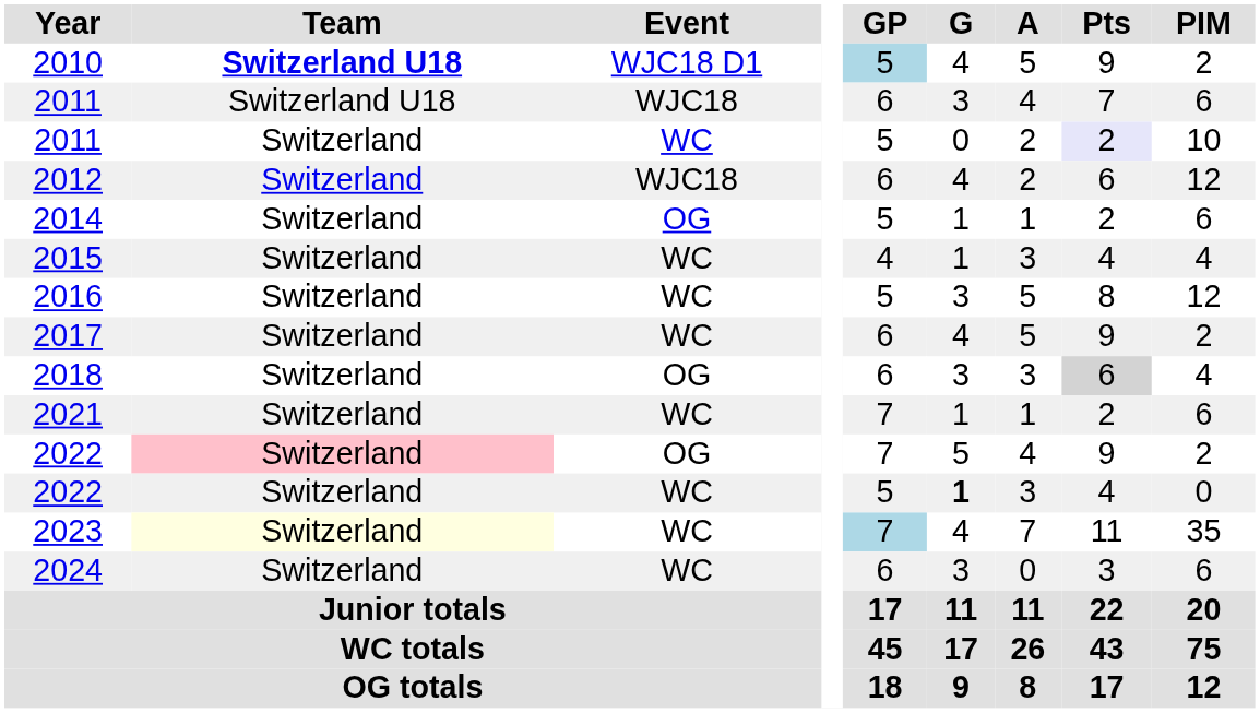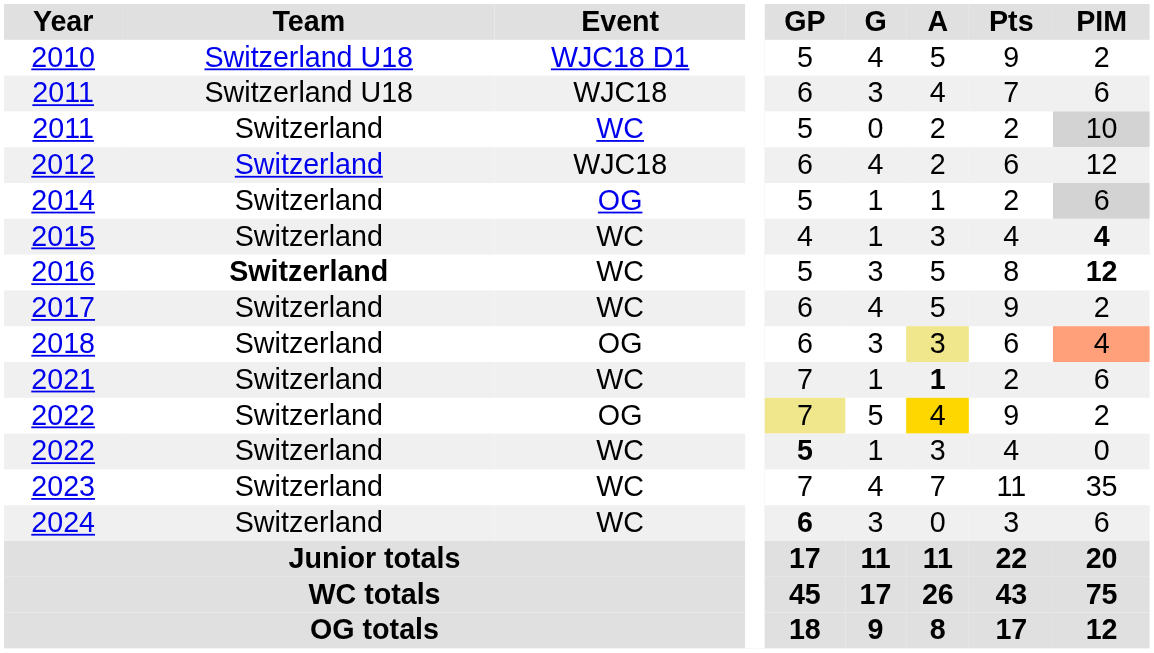 <table border="0" cellpadding="1" cellspacing="0" style="text-align:center; width:40em">
 <tr ALIGN="center" bgcolor="#e0e0e0">
 <th>Year</th>
 <th>Team</th>
 <th>Event</th>
 <th ALIGN="center" rowspan="99" bgcolor="#ffffff"> </th>
 <th>GP</th>
 <th>G</th>
 <th>A</th>
 <th>Pts</th>
 <th>PIM</th>
 </tr>
 <tr>
 <td><a href='#'>2010</a></td>
-<td><strong><a href='#'>Switzerland U18</a></strong></td>
+<td><a href='#'>Switzerland U18</a></td>
 <td><a href='#'>WJC18 D1</a></td>
-<td style="background: lightblue;">5</td>
+<td>5</td>
 <td>4</td>
 <td>5</td>
 <td>9</td>
 <td>2</td>
 </tr>
 <tr bgcolor="#f0f0f0">
 <td><a href='#'>2011</a></td>
 <td>Switzerland U18</td>
 <td>WJC18</td>
 <td>6</td>
 <td>3</td>
 <td>4</td>
 <td>7</td>
 <td>6</td>
 </tr>
 <tr>
 <td><a href='#'>2011</a></td>
 <td>Switzerland</td>
 <td><a href='#'>WC</a></td>
 <td>5</td>
 <td>0</td>
 <td>2</td>
-<td style="background: lavender;">2</td>
-<td>10</td>
+<td>2</td>
+<td style="background: lightgrey;">10</td>
 </tr>
 <tr bgcolor="#f0f0f0">
 <td><a href='#'>2012</a></td>
 <td><a href='#'>Switzerland</a></td>
 <td>WJC18</td>
 <td>6</td>
 <td>4</td>
 <td>2</td>
 <td>6</td>
 <td>12</td>
 </tr>
 <tr>
 <td><a href='#'>2014</a></td>
 <td>Switzerland</td>
 <td><a href='#'>OG</a></td>
 <td>5</td>
 <td>1</td>
 <td>1</td>
 <td>2</td>
-<td>6</td>
+<td style="background: lightgrey;">6</td>
 </tr>
 <tr bgcolor="#f0f0f0">
 <td><a href='#'>2015</a></td>
 <td>Switzerland</td>
 <td>WC</td>
 <td>4</td>
 <td>1</td>
 <td>3</td>
 <td>4</td>
-<td>4</td>
+<td><strong>4</strong></td>
 </tr>
 <tr>
 <td><a href='#'>2016</a></td>
-<td>Switzerland</td>
+<td><strong>Switzerland</strong></td>
 <td>WC</td>
 <td>5</td>
 <td>3</td>
 <td>5</td>
 <td>8</td>
-<td>12</td>
+<td><strong>12</strong></td>
 </tr>
 <tr bgcolor="#f0f0f0">
 <td><a href='#'>2017</a></td>
 <td>Switzerland</td>
 <td>WC</td>
 <td>6</td>
 <td>4</td>
 <td>5</td>
 <td>9</td>
 <td>2</td>
 </tr>
 <tr>
 <td><a href='#'>2018</a></td>
 <td>Switzerland</td>
 <td>OG</td>
 <td>6</td>
 <td>3</td>
-<td>3</td>
-<td style="background: lightgrey;">6</td>
-<td>4</td>
+<td style="background: khaki;">3</td>
+<td>6</td>
+<td style="background: lightsalmon;">4</td>
 </tr>
 <tr bgcolor="#f0f0f0">
 <td><a href='#'>2021</a></td>
 <td>Switzerland</td>
 <td>WC</td>
 <td>7</td>
 <td>1</td>
-<td>1</td>
+<td><strong>1</strong></td>
 <td>2</td>
 <td>6</td>
 </tr>
 <tr>
 <td><a href='#'>2022</a></td>
-<td style="background: pink;">Switzerland</td>
+<td>Switzerland</td>
 <td>OG</td>
-<td>7</td>
+<td style="background: khaki;">7</td>
 <td>5</td>
-<td>4</td>
+<td style="background: gold;">4</td>
 <td>9</td>
 <td>2</td>
 </tr>
 <tr bgcolor="#f0f0f0">
 <td><a href='#'>2022</a></td>
 <td>Switzerland</td>
 <td>WC</td>
-<td>5</td>
-<td><strong>1</strong></td>
+<td><strong>5</strong></td>
+<td>1</td>
 <td>3</td>
 <td>4</td>
 <td>0</td>
 </tr>
 <tr>
 <td><a href='#'>2023</a></td>
-<td style="background: lightyellow;">Switzerland</td>
+<td>Switzerland</td>
 <td>WC</td>
-<td style="background: lightblue;">7</td>
+<td>7</td>
 <td>4</td>
 <td>7</td>
 <td>11</td>
 <td>35</td>
 </tr>
 <tr bgcolor="#f0f0f0">
 <td><a href='#'>2024</a></td>
 <td>Switzerland</td>
 <td>WC</td>
-<td>6</td>
+<td><strong>6</strong></td>
 <td>3</td>
 <td>0</td>
 <td>3</td>
 <td>6</td>
 </tr>
 <tr bgcolor="#e0e0e0">
 <th colspan="3">Junior totals</th>
 <th>17</th>
 <th>11</th>
 <th>11</th>
 <th>22</th>
 <th>20</th>
 </tr>
 <tr bgcolor="#e0e0e0">
 <th colspan="3">WC totals</th>
 <th>45</th>
 <th>17</th>
 <th>26</th>
 <th>43</th>
 <th>75</th>
 </tr>
 <tr bgcolor="#e0e0e0">
 <th colspan="3">OG totals</th>
 <th>18</th>
 <th>9</th>
 <th>8</th>
 <th>17</th>
 <th>12</th>
 </tr>
 </table>
